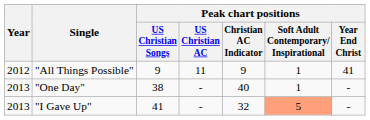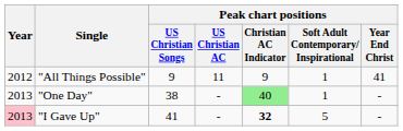 <table class="wikitable" style="text-align:center;">
 <tr>
 <th rowspan=2>Year</th>
 <th rowspan=2>Single</th>
 <th colspan=6>Peak chart positions</th>
 </tr>
 <tr style="font-size:smaller;">
 <th width=40><a href='#'>US Christian Songs</a><br></th>
 <th width=40><a href='#'>US Christian AC</a><br></th>
 <th width=40>Christian AC Indicator</th>
 <th width=40>Soft Adult Contemporary/<br>Inspirational</th>
 <th width=40>Year End<br>Christ</th>
 </tr>
 <tr>
 <td>2012</td>
 <td align="left">"All Things Possible"</td>
 <td>9</td>
 <td>11</td>
 <td>9</td>
 <td>1</td>
 <td>41</td>
 </tr>
 <tr>
 <td>2013</td>
 <td align="left">"One Day"</td>
 <td>38</td>
 <td>-</td>
-<td>40</td>
+<td style="background: lightgreen;">40</td>
 <td>1</td>
 <td>-</td>
 </tr>
 <tr>
-<td>2013</td>
+<td style="background: pink;">2013</td>
 <td align="left">"I Gave Up"</td>
 <td>41</td>
 <td>-</td>
-<td>32</td>
-<td style="background: lightsalmon;">5</td>
+<td><strong>32</strong></td>
+<td>5</td>
 <td>-</td>
 </tr>
 </table>
